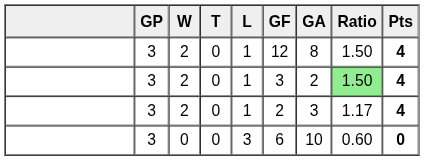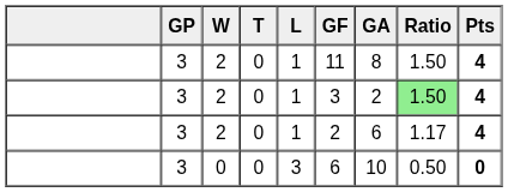 <table border=1 cellpadding=5 cellspacing=0>
 <tr>
 <th bgcolor="#efefef" width="120">　</th>
 <th bgcolor="#efefef" width="20">GP</th>
 <th bgcolor="#efefef" width="20">W</th>
 <th bgcolor="#efefef" width="20">T</th>
 <th bgcolor="#efefef" width="20">L</th>
 <th bgcolor="#efefef" width="20">GF</th>
 <th bgcolor="#efefef" width="20">GA</th>
 <th bgcolor="#efefef" width="20">Ratio</th>
 <th bgcolor="#efefef" width="20">Pts</th>
 </tr>
 <tr align=center>
 <td align=left><strong></strong></td>
 <td>3</td>
 <td>2</td>
 <td>0</td>
 <td>1</td>
-<td>12</td>
+<td>11</td>
 <td>8</td>
 <td>1.50</td>
 <td><strong>4</strong></td>
 </tr>
 <tr align=center>
 <td align=left><strong></strong></td>
 <td>3</td>
 <td>2</td>
 <td>0</td>
 <td>1</td>
 <td>3</td>
 <td>2</td>
 <td style="background: lightgreen;">1.50</td>
 <td><strong>4</strong></td>
 </tr>
 <tr align=center>
 <td align=left><strong></strong></td>
 <td>3</td>
 <td>2</td>
 <td>0</td>
 <td>1</td>
 <td>2</td>
-<td>3</td>
+<td>6</td>
 <td>1.17</td>
 <td><strong>4</strong></td>
 </tr>
 <tr align=center>
 <td align=left></td>
 <td>3</td>
 <td>0</td>
 <td>0</td>
 <td>3</td>
 <td>6</td>
 <td>10</td>
-<td>0.60</td>
+<td>0.50</td>
 <td><strong>0</strong></td>
 </tr>
 </table>
